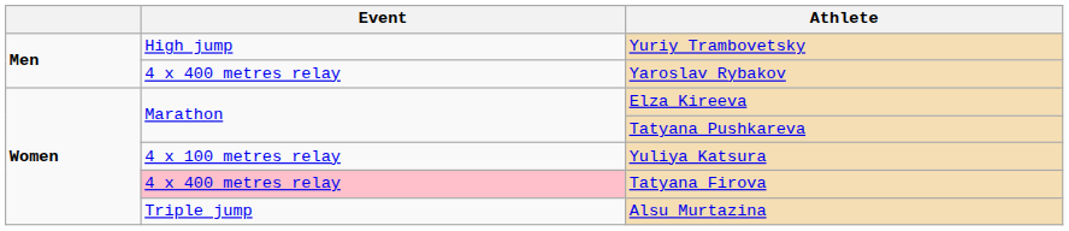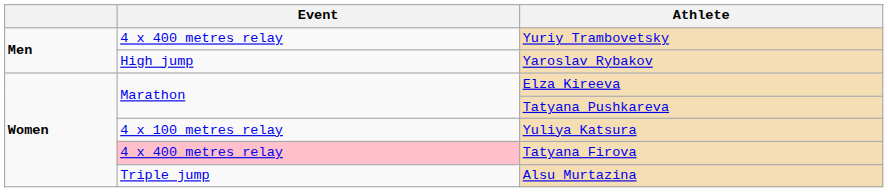 <table class=wikitable style="font-size:90%" width=60%>
 <tr>
 <th></th>
 <th>Event</th>
 <th>Athlete</th>
 </tr>
 <tr>
 <td rowspan=2><strong>Men</strong></td>
-<td><a href='#'>High jump</a></td>
+<td><a href='#'>4 x 400 metres relay</a></td>
 <td bgcolor="wheat"><a href='#'>Yuriy Trambovetsky</a></td>
 </tr>
 <tr>
-<td><a href='#'>4 x 400 metres relay</a></td>
+<td><a href='#'>High jump</a></td>
 <td bgcolor="wheat"><a href='#'>Yaroslav Rybakov</a></td>
 </tr>
 <tr>
 <td rowspan=5><strong>Women</strong></td>
 <td rowspan=2><a href='#'>Marathon</a></td>
 <td bgcolor="wheat"><a href='#'>Elza Kireeva</a></td>
 </tr>
 <tr>
 <td bgcolor="wheat"><a href='#'>Tatyana Pushkareva</a></td>
 </tr>
 <tr>
 <td><a href='#'>4 x 100 metres relay</a></td>
 <td bgcolor="wheat"><a href='#'>Yuliya Katsura</a></td>
 </tr>
 <tr>
 <td style="background: pink;"><a href='#'>4 x 400 metres relay</a></td>
 <td bgcolor="wheat"><a href='#'>Tatyana Firova</a></td>
 </tr>
 <tr>
 <td><a href='#'>Triple jump</a></td>
 <td bgcolor="wheat"><a href='#'>Alsu Murtazina</a></td>
 </tr>
 </table>
